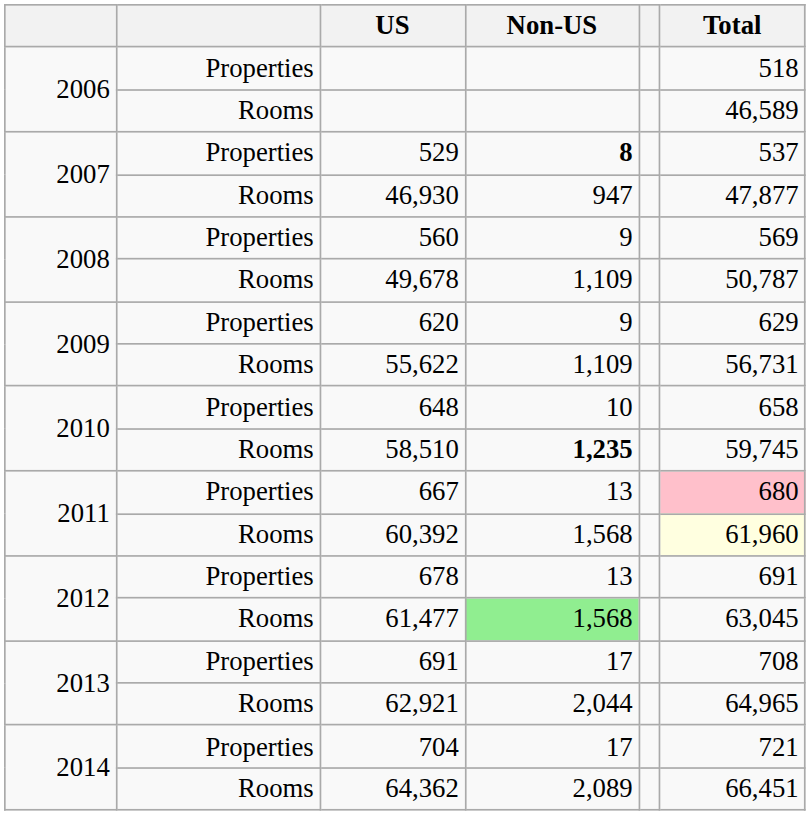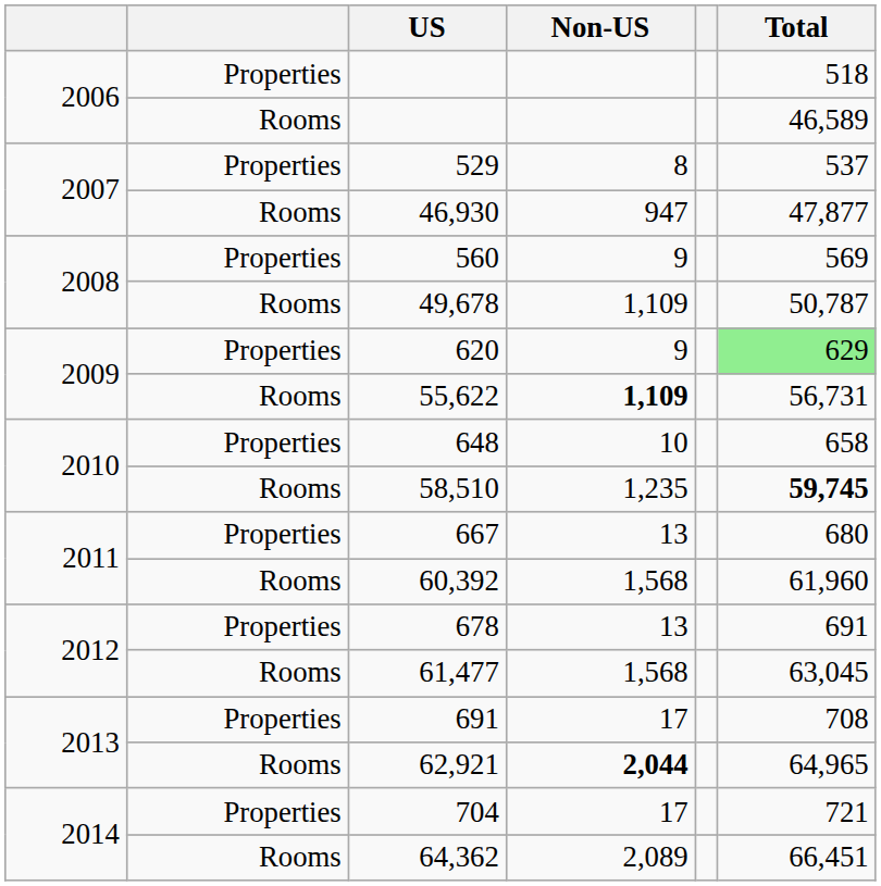 <table class="wikitable mw-collapsible mw-collapsed" style="min-width:30em; text-align:right;">
 <tr>
 <th class="unsortable"></th>
 <th></th>
 <th>US</th>
 <th>Non-US</th>
 <th></th>
 <th>Total</th>
 </tr>
 <tr>
 <td rowspan=2>2006</td>
 <td>Properties</td>
 <td></td>
 <td></td>
 <td></td>
 <td>518</td>
 </tr>
 <tr>
 <td>Rooms</td>
 <td></td>
 <td></td>
 <td></td>
 <td>46,589</td>
 </tr>
 <tr>
 <td rowspan=2>2007</td>
 <td>Properties</td>
 <td>529</td>
-<td><strong>8</strong></td>
+<td>8</td>
 <td></td>
 <td>537</td>
 </tr>
 <tr>
 <td>Rooms</td>
 <td>46,930</td>
 <td>947</td>
 <td></td>
 <td>47,877</td>
 </tr>
 <tr>
 <td rowspan=2>2008</td>
 <td>Properties</td>
 <td>560</td>
 <td>9</td>
 <td></td>
 <td>569</td>
 </tr>
 <tr>
 <td>Rooms</td>
 <td>49,678</td>
 <td>1,109</td>
 <td></td>
 <td>50,787</td>
 </tr>
 <tr>
 <td rowspan=2>2009</td>
 <td>Properties</td>
 <td>620</td>
 <td>9</td>
 <td></td>
-<td>629</td>
+<td style="background: lightgreen;">629</td>
 </tr>
 <tr>
 <td>Rooms</td>
 <td>55,622</td>
-<td>1,109</td>
+<td><strong>1,109</strong></td>
 <td></td>
 <td>56,731</td>
 </tr>
 <tr>
 <td rowspan=2>2010</td>
 <td>Properties</td>
 <td>648</td>
 <td>10</td>
 <td></td>
 <td>658</td>
 </tr>
 <tr>
 <td>Rooms</td>
 <td>58,510</td>
-<td><strong>1,235</strong></td>
+<td>1,235</td>
 <td></td>
-<td>59,745</td>
+<td><strong>59,745</strong></td>
 </tr>
 <tr>
 <td rowspan=2>2011</td>
 <td>Properties</td>
 <td>667</td>
 <td>13</td>
 <td></td>
-<td style="background: pink;">680</td>
+<td>680</td>
 </tr>
 <tr>
 <td>Rooms</td>
 <td>60,392</td>
 <td>1,568</td>
 <td></td>
-<td style="background: lightyellow;">61,960</td>
+<td>61,960</td>
 </tr>
 <tr>
 <td rowspan=2>2012</td>
 <td>Properties</td>
 <td>678</td>
 <td>13</td>
 <td></td>
 <td>691</td>
 </tr>
 <tr>
 <td>Rooms</td>
 <td>61,477</td>
-<td style="background: lightgreen;">1,568</td>
+<td>1,568</td>
 <td></td>
 <td>63,045</td>
 </tr>
 <tr>
 <td rowspan=2>2013</td>
 <td>Properties</td>
 <td>691</td>
 <td>17</td>
 <td></td>
 <td>708</td>
 </tr>
 <tr>
 <td>Rooms</td>
 <td>62,921</td>
-<td>2,044</td>
+<td><strong>2,044</strong></td>
 <td></td>
 <td>64,965</td>
 </tr>
 <tr>
 <td rowspan=2>2014</td>
 <td>Properties</td>
 <td>704</td>
 <td>17</td>
 <td></td>
 <td>721</td>
 </tr>
 <tr>
 <td>Rooms</td>
 <td>64,362</td>
 <td>2,089</td>
 <td></td>
 <td>66,451</td>
 </tr>
 </table>
